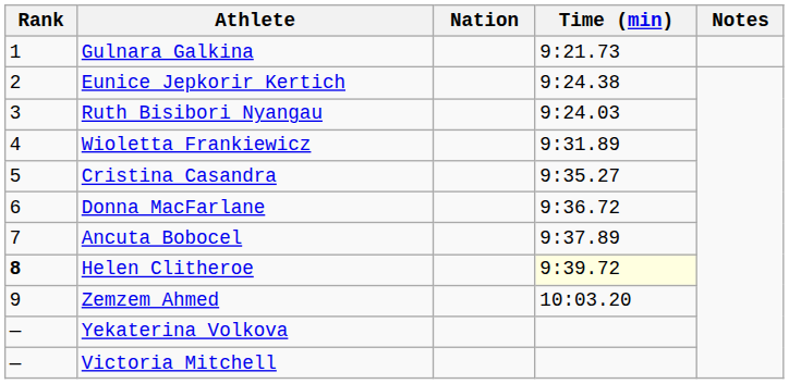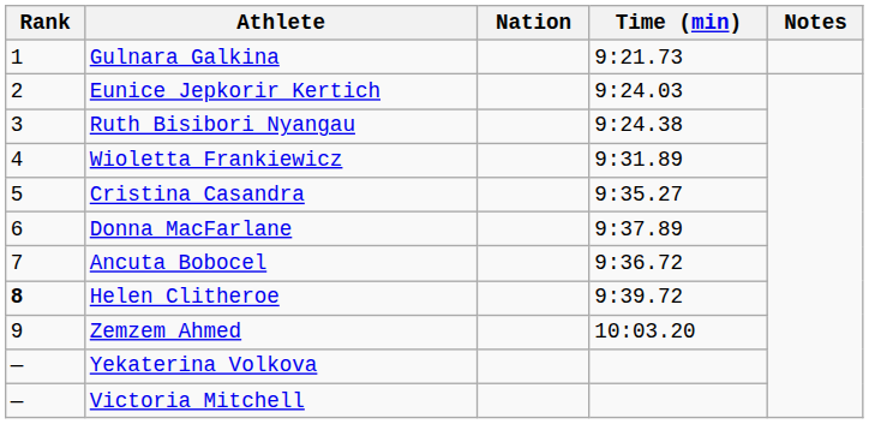 <table class="wikitable" style="text=align:center;" width=85%>
 <tr>
 <th>Rank</th>
 <th>Athlete</th>
 <th>Nation</th>
 <th>Time (<a href='#'>min</a>)</th>
 <th>Notes</th>
 </tr>
 <tr>
 <td>1</td>
 <td><a href='#'>Gulnara Galkina</a></td>
 <td></td>
 <td>9:21.73</td>
 <td></td>
 </tr>
 <tr>
 <td>2</td>
 <td><a href='#'>Eunice Jepkorir Kertich</a></td>
 <td></td>
-<td>9:24.38</td>
+<td>9:24.03</td>
 </tr>
 <tr>
 <td>3</td>
 <td><a href='#'>Ruth Bisibori Nyangau</a></td>
 <td></td>
-<td>9:24.03</td>
+<td>9:24.38</td>
 </tr>
 <tr>
 <td>4</td>
 <td><a href='#'>Wioletta Frankiewicz</a></td>
 <td></td>
 <td>9:31.89</td>
 </tr>
 <tr>
 <td>5</td>
 <td><a href='#'>Cristina Casandra</a></td>
 <td></td>
 <td>9:35.27</td>
 </tr>
 <tr>
 <td>6</td>
 <td><a href='#'>Donna MacFarlane</a></td>
 <td></td>
-<td>9:36.72</td>
+<td>9:37.89</td>
 </tr>
 <tr>
 <td>7</td>
 <td><a href='#'>Ancuta Bobocel</a></td>
 <td></td>
-<td>9:37.89</td>
+<td>9:36.72</td>
 </tr>
 <tr>
 <td><strong>8</strong></td>
 <td><a href='#'>Helen Clitheroe</a></td>
 <td></td>
-<td style="background: lightyellow;">9:39.72</td>
+<td>9:39.72</td>
 </tr>
 <tr>
 <td>9</td>
 <td><a href='#'>Zemzem Ahmed</a></td>
 <td></td>
 <td>10:03.20</td>
 </tr>
 <tr>
 <td>—</td>
 <td><a href='#'>Yekaterina Volkova</a></td>
 <td></td>
 <td></td>
 </tr>
 <tr>
 <td>—</td>
 <td><a href='#'>Victoria Mitchell</a></td>
 <td></td>
 <td></td>
 </tr>
 </table>
